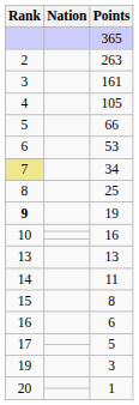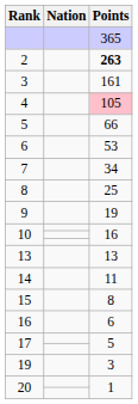 <table class="wikitable sortable" style="text-align:center">
 <tr>
 <th>Rank</th>
 <th>Nation</th>
 <th>Points</th>
 </tr>
 <tr style="background-color:#ccccff">
 <td></td>
 <td align=left></td>
 <td>365</td>
 </tr>
 <tr>
 <td>2</td>
 <td align=left></td>
-<td>263</td>
+<td><strong>263</strong></td>
 </tr>
 <tr>
 <td>3</td>
 <td align=left></td>
 <td>161</td>
 </tr>
 <tr>
 <td>4</td>
 <td align=left></td>
-<td>105</td>
+<td style="background: pink;">105</td>
 </tr>
 <tr>
 <td>5</td>
 <td align=left></td>
 <td>66</td>
 </tr>
 <tr>
 <td>6</td>
 <td align=left></td>
 <td>53</td>
 </tr>
 <tr>
-<td style="background: khaki;">7</td>
+<td>7</td>
 <td align=left></td>
 <td>34</td>
 </tr>
 <tr>
 <td>8</td>
 <td align=left></td>
 <td>25</td>
 </tr>
 <tr>
-<td><strong>9</strong></td>
+<td>9</td>
 <td align=left></td>
 <td>19</td>
 </tr>
 <tr>
 <td rowspan="3">10</td>
 <td align=left></td>
 <td rowspan="3">16</td>
 </tr>
 <tr>
 <td align=left></td>
 </tr>
 <tr>
 <td align=left></td>
 </tr>
 <tr>
 <td>13</td>
 <td align=left></td>
 <td>13</td>
 </tr>
 <tr>
 <td>14</td>
 <td align=left></td>
 <td>11</td>
 </tr>
 <tr>
 <td>15</td>
 <td align=left></td>
 <td>8</td>
 </tr>
 <tr>
 <td>16</td>
 <td align=left></td>
 <td>6</td>
 </tr>
 <tr>
 <td rowspan="2">17</td>
 <td align=left></td>
 <td rowspan="2">5</td>
 </tr>
 <tr>
 <td align=left></td>
 </tr>
 <tr>
 <td>19</td>
 <td align=left></td>
 <td>3</td>
 </tr>
 <tr>
 <td rowspan="2">20</td>
 <td align=left></td>
 <td rowspan="2">1</td>
 </tr>
 <tr>
 <td align=left></td>
 </tr>
 </table>
